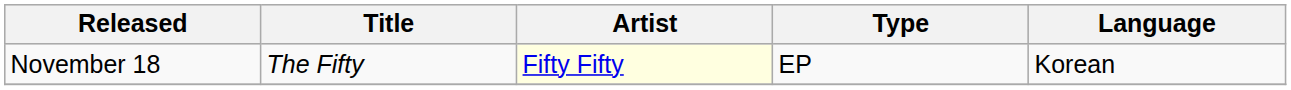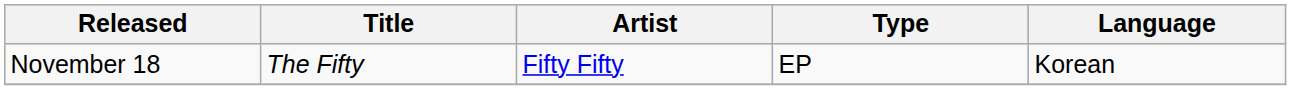 <table class="wikitable sortable" align="left center" style="width:65%;">
 <tr>
 <th style="width:20%;">Released</th>
 <th style="width:20%;">Title</th>
 <th style="width:20%;">Artist</th>
 <th style="width:20%;">Type</th>
 <th style="width:20%;">Language</th>
 </tr>
 <tr>
 <td>November 18</td>
 <td><em>The Fifty</em></td>
-<td style="background: lightyellow;"><a href='#'>Fifty Fifty</a></td>
+<td><a href='#'>Fifty Fifty</a></td>
 <td>EP</td>
 <td>Korean</td>
 </tr>
 <tr>
 </tr>
 </table>
